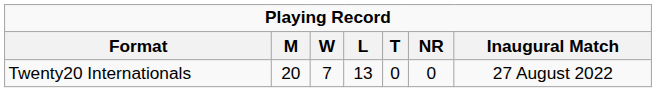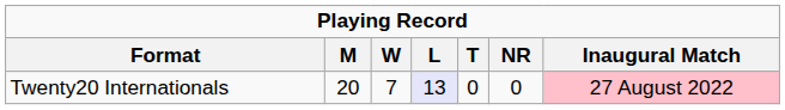 <table class="wikitable" style="text-align: center; width: 600px;">
 <tr>
 <td colspan=7 align="center"><strong>Playing Record</strong></td>
 </tr>
 <tr>
 <th>Format</th>
 <th>M</th>
 <th>W</th>
 <th>L</th>
 <th>T</th>
 <th>NR</th>
 <th>Inaugural Match</th>
 </tr>
 <tr>
 <td align="left">Twenty20 Internationals</td>
 <td>20</td>
 <td>7</td>
-<td>13</td>
+<td style="background: lavender;">13</td>
 <td>0</td>
 <td>0</td>
-<td>27 August 2022</td>
+<td style="background: pink;">27 August 2022</td>
 </tr>
 </table>
